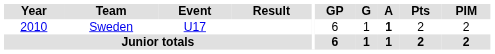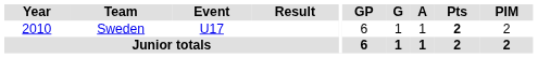 <table border="0" cellpadding="1" cellspacing="0" ID="Table3" style="text-align:center; width:40em">
 <tr ALIGN="center" bgcolor="#e0e0e0">
 <th>Year</th>
 <th>Team</th>
 <th>Event</th>
 <th>Result</th>
 <th rowspan="99" bgcolor="#ffffff"></th>
 <th>GP</th>
 <th>G</th>
 <th>A</th>
 <th>Pts</th>
 <th>PIM</th>
 </tr>
 <tr>
 <td><a href='#'>2010</a></td>
 <td><a href='#'>Sweden</a></td>
 <td><a href='#'>U17</a></td>
 <td></td>
 <td>6</td>
 <td>1</td>
-<td><strong>1</strong></td>
-<td>2</td>
+<td>1</td>
+<td><strong>2</strong></td>
 <td>2</td>
 </tr>
 <tr bgcolor="#e0e0e0">
 <th colspan=4>Junior totals</th>
 <th>6</th>
 <th>1</th>
 <th>1</th>
 <th>2</th>
 <th>2</th>
 </tr>
 </table>
